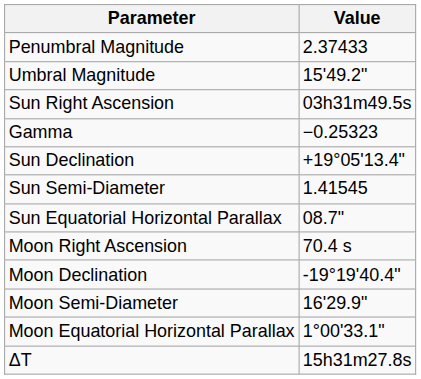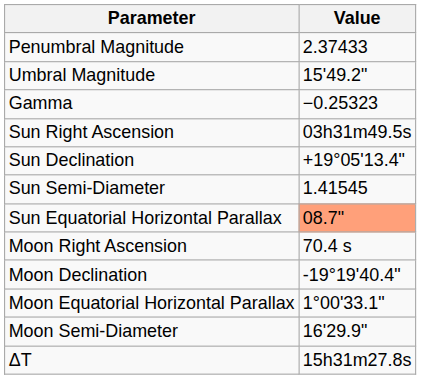 <table class="wikitable">
 <tr>
 <th>Parameter</th>
 <th>Value</th>
 </tr>
 <tr>
 <td>Penumbral Magnitude</td>
 <td>2.37433</td>
 </tr>
 <tr>
 <td>Umbral Magnitude</td>
 <td>15'49.2"</td>
 </tr>
 <tr>
+<td>Gamma</td>
+<td>−0.25323</td>
+</tr>
+<tr>
 <td>Sun Right Ascension</td>
 <td>03h31m49.5s</td>
-</tr>
-<tr>
-<td>Gamma</td>
-<td>−0.25323</td>
 </tr>
 <tr>
 <td>Sun Declination</td>
 <td>+19°05'13.4"</td>
 </tr>
 <tr>
 <td>Sun Semi-Diameter</td>
 <td>1.41545</td>
 </tr>
 <tr>
 <td>Sun Equatorial Horizontal Parallax</td>
-<td>08.7"</td>
+<td style="background: lightsalmon;">08.7"</td>
 </tr>
 <tr>
 <td>Moon Right Ascension</td>
 <td>70.4 s</td>
 </tr>
 <tr>
 <td>Moon Declination</td>
 <td>-19°19'40.4"</td>
 </tr>
 <tr>
+<td>Moon Equatorial Horizontal Parallax</td>
+<td>1°00'33.1"</td>
+</tr>
+<tr>
 <td>Moon Semi-Diameter</td>
 <td>16'29.9"</td>
-</tr>
-<tr>
-<td>Moon Equatorial Horizontal Parallax</td>
-<td>1°00'33.1"</td>
 </tr>
 <tr>
 <td>ΔT</td>
 <td>15h31m27.8s</td>
 </tr>
 </table>
